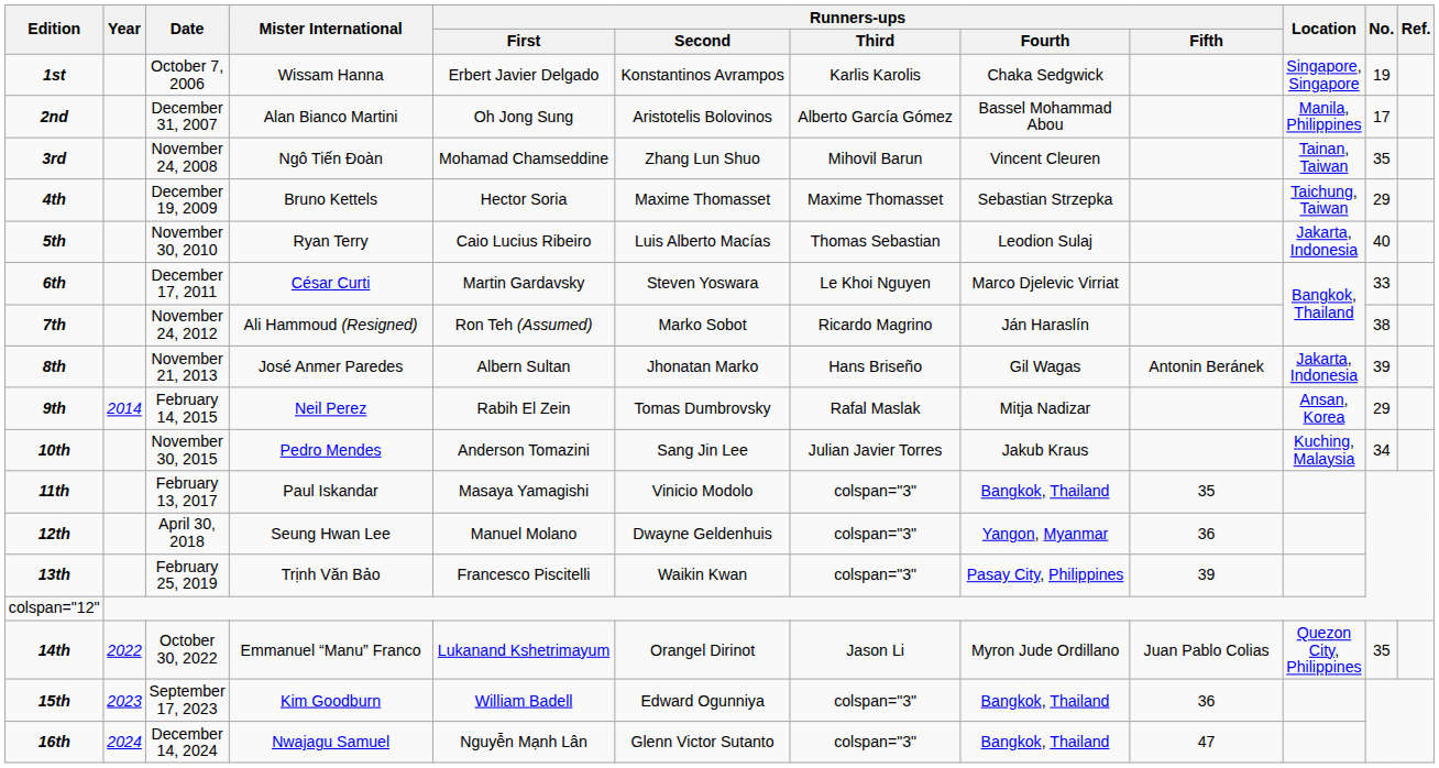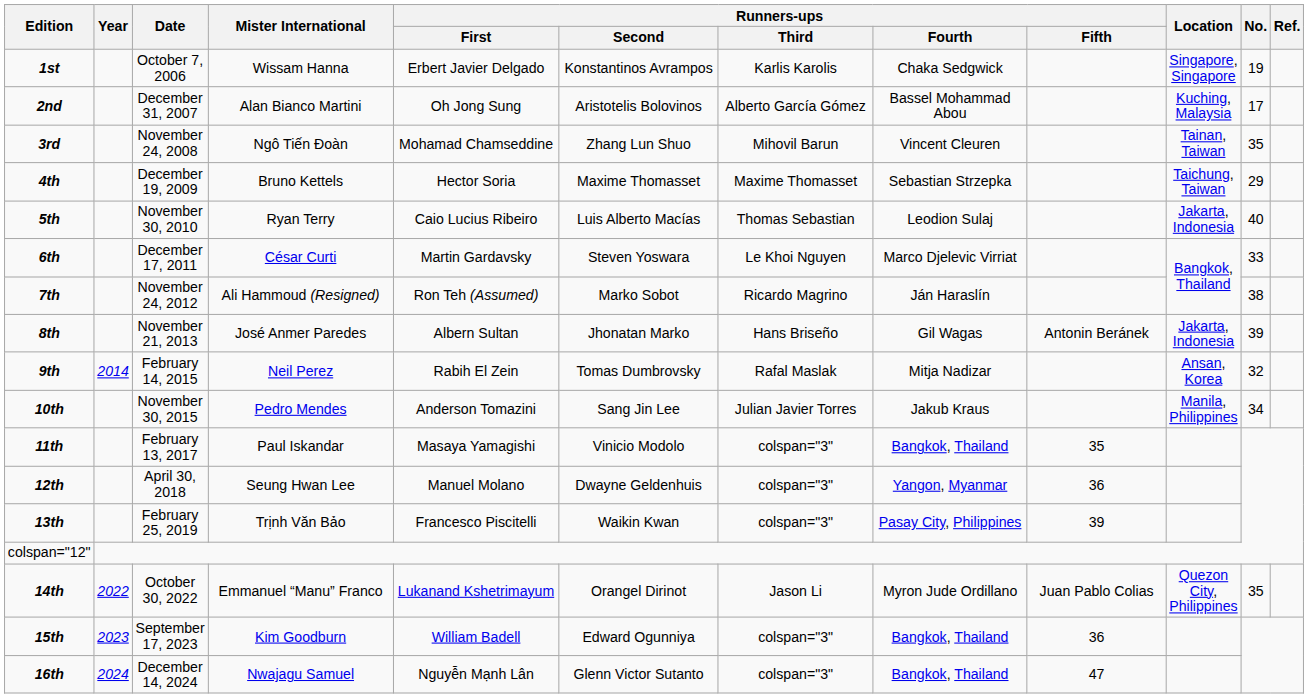 <table class="wikitable sortable" style="font-size: 85%; text-align:center;">
 <tr>
 <th rowspan="2">Edition</th>
 <th rowspan="2">Year</th>
 <th rowspan="2">Date</th>
 <th rowspan="2" width="400">Mister International</th>
 <th colspan="5">Runners-ups</th>
 <th rowspan="2">Location</th>
 <th rowspan="2">No.</th>
 <th rowspan="2">Ref.</th>
 </tr>
 <tr>
 <th width="320">First</th>
 <th width="320">Second</th>
 <th width="320">Third</th>
 <th width="320">Fourth</th>
 <th width="320">Fifth</th>
 </tr>
 <tr>
 <td><strong><em>1st</em></strong></td>
 <td><em></em></td>
 <td>October 7, 2006</td>
 <td>Wissam Hanna<br></td>
 <td>Erbert Javier Delgado<br></td>
 <td>Konstantinos Avrampos<br></td>
 <td>Karlis Karolis<br></td>
 <td>Chaka Sedgwick<br></td>
 <td></td>
 <td><a href='#'>Singapore</a>, <a href='#'>Singapore</a></td>
 <td>19</td>
 <td></td>
 </tr>
 <tr>
 <td><strong><em>2nd</em></strong></td>
 <td><em></em></td>
 <td>December 31, 2007</td>
 <td>Alan Bianco Martini<br></td>
 <td>Oh Jong Sung<br></td>
 <td>Aristotelis Bolovinos<br></td>
 <td>Alberto García Gómez<br></td>
 <td>Bassel Mohammad Abou<br></td>
 <td></td>
-<td><a href='#'>Manila</a>, <a href='#'>Philippines</a></td>
+<td><a href='#'>Kuching</a>, <a href='#'>Malaysia</a></td>
 <td>17</td>
 <td></td>
 </tr>
 <tr>
 <td><strong><em>3rd</em></strong></td>
 <td><em></em></td>
 <td>November 24, 2008</td>
 <td>Ngô Tiến Đoàn<br></td>
 <td>Mohamad Chamseddine<br></td>
 <td>Zhang Lun Shuo<br></td>
 <td>Mihovil Barun<br></td>
 <td>Vincent Cleuren<br></td>
 <td></td>
 <td><a href='#'>Tainan</a>, <a href='#'>Taiwan</a></td>
 <td>35</td>
 <td><br></td>
 </tr>
 <tr>
 <td><strong><em>4th</em></strong></td>
 <td><em></em></td>
 <td>December 19, 2009</td>
 <td>Bruno Kettels<br></td>
 <td>Hector Soria<br></td>
 <td>Maxime Thomasset<br></td>
 <td>Maxime Thomasset<br></td>
 <td>Sebastian Strzepka<br></td>
 <td></td>
 <td><a href='#'>Taichung</a>, <a href='#'>Taiwan</a></td>
 <td>29</td>
 <td></td>
 </tr>
 <tr>
 <td><strong><em>5th</em></strong></td>
 <td><em></em></td>
 <td>November 30, 2010</td>
 <td>Ryan Terry<br></td>
 <td>Caio Lucius Ribeiro<br></td>
 <td>Luis Alberto Macías<br></td>
 <td>Thomas Sebastian<br></td>
 <td>Leodion Sulaj<br></td>
 <td></td>
 <td><a href='#'>Jakarta</a>, <a href='#'>Indonesia</a></td>
 <td>40</td>
 <td></td>
 </tr>
 <tr>
 <td><strong><em>6th</em></strong></td>
 <td><em></em></td>
 <td>December 17, 2011</td>
 <td><a href='#'>César Curti</a><br></td>
 <td>Martin Gardavsky<br></td>
 <td>Steven Yoswara<br></td>
 <td>Le Khoi Nguyen<br></td>
 <td>Marco Djelevic Virriat<br></td>
 <td></td>
 <td rowspan="2"><a href='#'>Bangkok</a>, <a href='#'>Thailand</a></td>
 <td>33</td>
 <td></td>
 </tr>
 <tr>
 <td><strong><em>7th</em></strong></td>
 <td><em></em></td>
 <td>November 24, 2012</td>
 <td>Ali Hammoud <em>(Resigned)</em><br></td>
 <td>Ron Teh <em>(Assumed)</em><br></td>
 <td>Marko Sobot<br></td>
 <td>Ricardo Magrino<br></td>
 <td>Ján Haraslín<br></td>
 <td></td>
 <td>38</td>
 <td></td>
 </tr>
 <tr>
 <td><strong><em>8th</em></strong></td>
 <td><em></em></td>
 <td>November 21, 2013</td>
 <td>José Anmer Paredes<br></td>
 <td>Albern Sultan<br></td>
 <td>Jhonatan Marko<br></td>
 <td>Hans Briseño<br></td>
 <td>Gil Wagas<br></td>
 <td>Antonin Beránek<br></td>
 <td><a href='#'>Jakarta</a>, <a href='#'>Indonesia</a></td>
 <td>39</td>
 <td></td>
 </tr>
 <tr>
 <td><strong><em>9th</em></strong></td>
 <td><em><a href='#'>2014</a></em></td>
 <td>February 14, 2015</td>
 <td><a href='#'>Neil Perez</a><br></td>
 <td>Rabih El Zein<br></td>
 <td>Tomas Dumbrovsky<br></td>
 <td>Rafal Maslak<br></td>
 <td>Mitja Nadizar<br></td>
 <td></td>
 <td><a href='#'>Ansan</a>, <a href='#'>Korea</a></td>
-<td>29</td>
+<td>32</td>
 <td></td>
 </tr>
 <tr>
 <td><strong><em>10th</em></strong></td>
 <td><em></em></td>
 <td>November 30, 2015</td>
 <td><a href='#'>Pedro Mendes</a><br></td>
 <td>Anderson Tomazini<br></td>
 <td>Sang Jin Lee<br></td>
 <td>Julian Javier Torres<br></td>
 <td>Jakub Kraus<br></td>
 <td></td>
-<td><a href='#'>Kuching</a>, <a href='#'>Malaysia</a></td>
+<td><a href='#'>Manila</a>, <a href='#'>Philippines</a></td>
 <td>34</td>
 <td></td>
 </tr>
 <tr>
 <td><strong><em>11th</em></strong></td>
 <td><em></em></td>
 <td>February 13, 2017</td>
 <td>Paul Iskandar<br></td>
 <td>Masaya Yamagishi<br></td>
 <td>Vinicio Modolo<br></td>
 <td>colspan="3"</td>
 <td><a href='#'>Bangkok</a>, <a href='#'>Thailand</a></td>
 <td>35</td>
 <td></td>
 </tr>
 <tr>
 <td><strong><em>12th</em></strong></td>
 <td><em></em></td>
 <td>April 30, 2018</td>
 <td>Seung Hwan Lee<br></td>
 <td>Manuel Molano<br></td>
 <td>Dwayne Geldenhuis<br></td>
 <td>colspan="3"</td>
 <td><a href='#'>Yangon</a>, <a href='#'>Myanmar</a></td>
 <td>36</td>
 <td></td>
 </tr>
 <tr>
 <td><strong><em>13th</em></strong></td>
 <td><em></em></td>
 <td>February 25, 2019</td>
 <td>Trịnh Văn Bảo<br></td>
 <td>Francesco Piscitelli<br></td>
 <td>Waikin Kwan<br></td>
 <td>colspan="3"</td>
 <td><a href='#'>Pasay City</a>, <a href='#'>Philippines</a></td>
 <td>39</td>
 <td><br></td>
 </tr>
 <tr>
 <td>colspan="12" </td>
 </tr>
 <tr>
 <td><strong><em>14th</em></strong></td>
 <td><a href='#'><em>2022</em></a></td>
 <td>October 30, 2022</td>
 <td>Emmanuel “Manu” Franco<br></td>
 <td><a href='#'>Lukanand Kshetrimayum</a> <br></td>
 <td>Orangel Dirinot<br></td>
 <td>Jason Li<br></td>
 <td>Myron Jude Ordillano<br></td>
 <td>Juan Pablo Colias<br></td>
 <td><a href='#'>Quezon City</a>, <a href='#'>Philippines</a></td>
 <td>35</td>
 <td><br></td>
 </tr>
 <tr>
 <td><strong><em>15th</em></strong></td>
 <td><a href='#'><em>2023</em></a></td>
 <td>September 17, 2023</td>
 <td><a href='#'>Kim Goodburn</a><br></td>
 <td><a href='#'>William Badell</a><br></td>
 <td>Edward Ogunniya<br></td>
 <td>colspan="3" </td>
 <td><a href='#'>Bangkok</a>, <a href='#'>Thailand</a></td>
 <td>36</td>
 <td></td>
 </tr>
 <tr>
 <td><strong><em>16th</em></strong></td>
 <td><em><a href='#'>2024</a></em></td>
 <td>December 14, 2024</td>
 <td><a href='#'>Nwajagu Samuel</a><br></td>
 <td>Nguyễn Mạnh Lân<br></td>
 <td>Glenn Victor Sutanto<br></td>
 <td>colspan="3" </td>
 <td><a href='#'>Bangkok</a>, <a href='#'>Thailand</a></td>
 <td>47</td>
 <td></td>
 </tr>
 </table>
